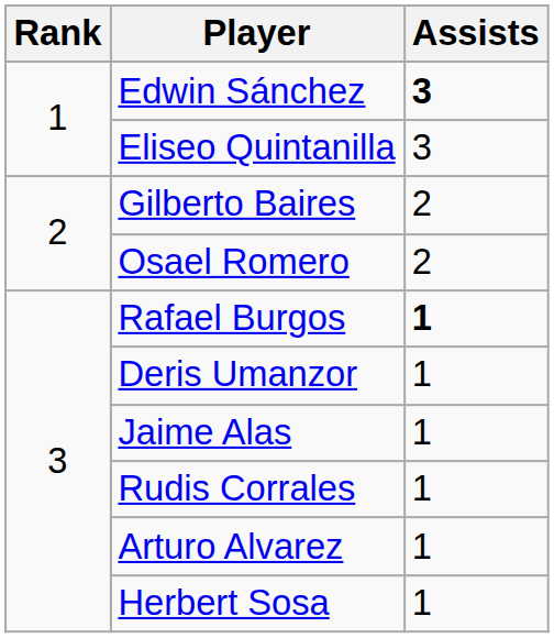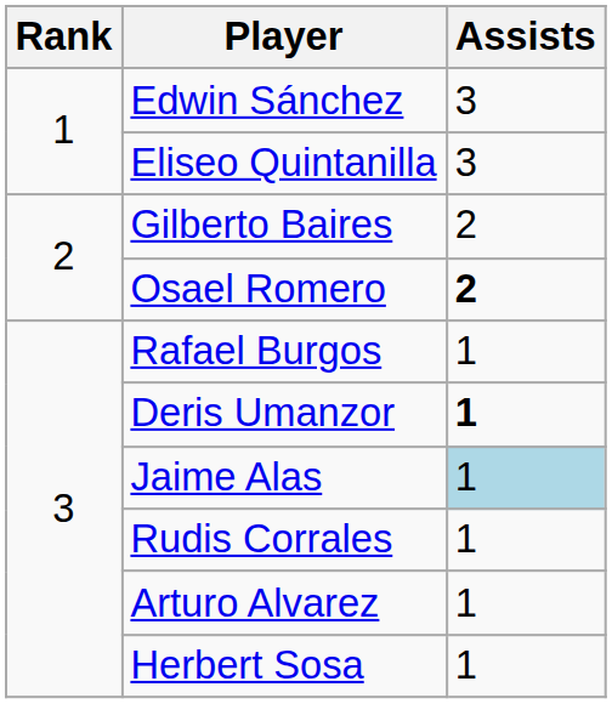 <table class="wikitable" border="1">
 <tr>
 <th>Rank</th>
 <th>Player</th>
 <th>Assists</th>
 </tr>
 <tr>
 <td rowspan="2" align=center>1</td>
 <td><a href='#'>Edwin Sánchez</a></td>
-<td><strong>3</strong></td>
+<td>3</td>
 </tr>
 <tr>
 <td><a href='#'>Eliseo Quintanilla</a></td>
 <td>3</td>
 </tr>
 <tr>
 <td rowspan="2" align=center>2</td>
 <td><a href='#'>Gilberto Baires</a></td>
 <td>2</td>
 </tr>
 <tr>
 <td><a href='#'>Osael Romero</a></td>
-<td>2</td>
+<td><strong>2</strong></td>
 </tr>
 <tr>
 <td rowspan="6" align=center>3</td>
 <td><a href='#'>Rafael Burgos</a></td>
+<td>1</td>
+</tr>
+<tr>
+<td><a href='#'>Deris Umanzor</a></td>
 <td><strong>1</strong></td>
 </tr>
 <tr>
-<td><a href='#'>Deris Umanzor</a></td>
-<td>1</td>
-</tr>
-<tr>
 <td><a href='#'>Jaime Alas</a></td>
-<td>1</td>
+<td style="background: lightblue;">1</td>
 </tr>
 <tr>
 <td><a href='#'>Rudis Corrales</a></td>
 <td>1</td>
 </tr>
 <tr>
 <td><a href='#'>Arturo Alvarez</a></td>
 <td>1</td>
 </tr>
 <tr>
 <td><a href='#'>Herbert Sosa</a></td>
 <td>1</td>
 </tr>
 </table>
